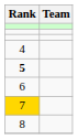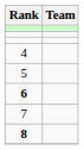 <table class="wikitable" style="text-align: center;">
 <tr>
 <th width=40>Rank</th>
 <th>Team</th>
 </tr>
 <tr bgcolor=#ccffcc>
 <td></td>
 <td align="left"></td>
 </tr>
 <tr>
 <td></td>
 <td align="left"></td>
 </tr>
 <tr>
 <td></td>
 <td align=left></td>
 </tr>
 <tr>
 <td>4</td>
 <td style="text-align:left;"></td>
 </tr>
 <tr>
-<td><strong>5</strong></td>
+<td>5</td>
 <td style="text-align:left;"></td>
 </tr>
 <tr>
-<td>6</td>
+<td><strong>6</strong></td>
 <td style="text-align:left;"></td>
 </tr>
 <tr>
-<td style="background: gold;">7</td>
+<td>7</td>
 <td style="text-align:left;"></td>
 </tr>
 <tr>
-<td>8</td>
+<td><strong>8</strong></td>
 <td style="text-align:left;"></td>
 </tr>
 <tr align=center>
 </tr>
 </table>
